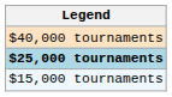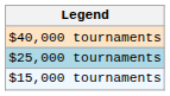 <table class="wikitable" style="font-size:85%">
 <tr>
 <th>Legend</th>
 </tr>
 <tr style="background:#ffe4c4;">
 <td>$40,000 tournaments</td>
 </tr>
 <tr style="background:lightblue;">
-<td><strong>$25,000 tournaments</strong></td>
+<td>$25,000 tournaments</td>
 </tr>
 <tr style="background:#f0f8ff;">
 <td>$15,000 tournaments</td>
 </tr>
 </table>
